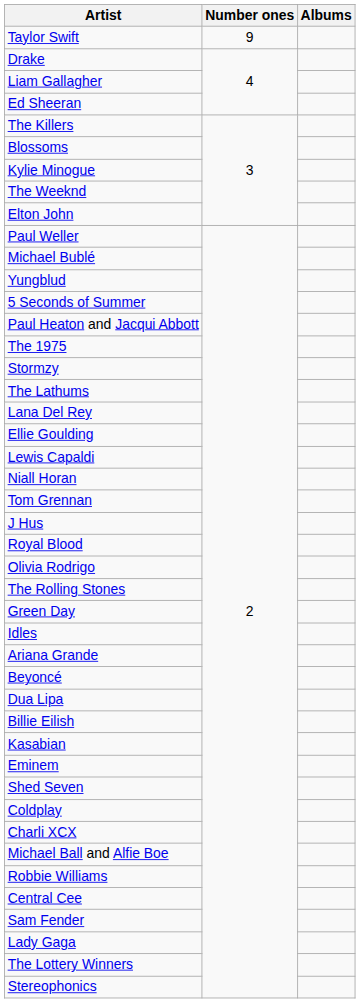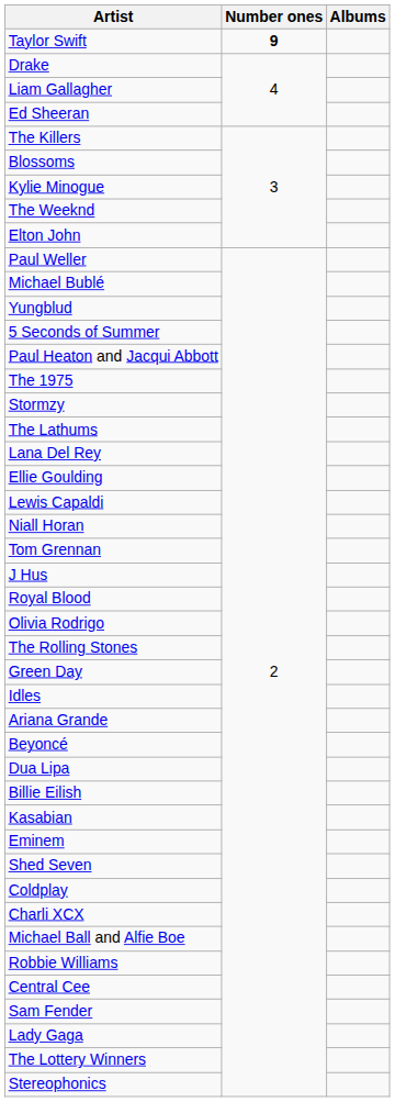 <table class="wikitable sortable" style="text-align:center;">
 <tr>
 <th scope=col>Artist</th>
 <th scope=col>Number ones</th>
 <th scope=col>Albums</th>
 </tr>
 <tr>
 <td align=left><a href='#'>Taylor Swift</a></td>
-<td>9</td>
+<td><strong>9</strong></td>
 <td></td>
 </tr>
 <tr>
 <td align=left><a href='#'>Drake</a></td>
 <td rowspan="3">4</td>
 <td></td>
 </tr>
 <tr>
 <td align=left><a href='#'>Liam Gallagher</a></td>
 <td></td>
 </tr>
 <tr>
 <td align=left><a href='#'>Ed Sheeran</a></td>
 <td></td>
 </tr>
 <tr>
 <td align=left><a href='#'>The Killers</a></td>
 <td rowspan="5">3</td>
 <td></td>
 </tr>
 <tr>
 <td align=left><a href='#'>Blossoms</a></td>
 <td></td>
 </tr>
 <tr>
 <td align=left><a href='#'>Kylie Minogue</a></td>
 <td></td>
 </tr>
 <tr>
 <td align=left><a href='#'>The Weeknd</a></td>
 <td></td>
 </tr>
 <tr>
 <td align=left><a href='#'>Elton John</a></td>
 <td></td>
 </tr>
 <tr>
 <td align=left><a href='#'>Paul Weller</a></td>
 <td rowspan="35">2</td>
 <td></td>
 </tr>
 <tr>
 <td align=left><a href='#'>Michael Bublé</a></td>
 <td></td>
 </tr>
 <tr>
 <td align=left><a href='#'>Yungblud</a></td>
 <td></td>
 </tr>
 <tr>
 <td align=left><a href='#'>5 Seconds of Summer</a></td>
 <td></td>
 </tr>
 <tr>
 <td align=left><a href='#'>Paul Heaton</a> and <a href='#'>Jacqui Abbott</a></td>
 <td></td>
 </tr>
 <tr>
 <td align=left><a href='#'>The 1975</a></td>
 <td></td>
 </tr>
 <tr>
 <td align=left><a href='#'>Stormzy</a></td>
 <td></td>
 </tr>
 <tr>
 <td align=left><a href='#'>The Lathums</a></td>
 <td></td>
 </tr>
 <tr>
 <td align=left><a href='#'>Lana Del Rey</a></td>
 <td></td>
 </tr>
 <tr>
 <td align=left><a href='#'>Ellie Goulding</a></td>
 <td></td>
 </tr>
 <tr>
 <td align=left><a href='#'>Lewis Capaldi</a></td>
 <td></td>
 </tr>
 <tr>
 <td align=left><a href='#'>Niall Horan</a></td>
 <td></td>
 </tr>
 <tr>
 <td align=left><a href='#'>Tom Grennan</a></td>
 <td></td>
 </tr>
 <tr>
 <td align=left><a href='#'>J Hus</a></td>
 <td></td>
 </tr>
 <tr>
 <td align=left><a href='#'>Royal Blood</a></td>
 <td></td>
 </tr>
 <tr>
 <td align=left><a href='#'>Olivia Rodrigo</a></td>
 <td></td>
 </tr>
 <tr>
 <td align=left><a href='#'>The Rolling Stones</a></td>
 <td></td>
 </tr>
 <tr>
 <td align=left><a href='#'>Green Day</a></td>
 <td></td>
 </tr>
 <tr>
 <td align=left><a href='#'>Idles</a></td>
 <td></td>
 </tr>
 <tr>
 <td align=left><a href='#'>Ariana Grande</a></td>
 <td></td>
 </tr>
 <tr>
 <td align=left><a href='#'>Beyoncé</a></td>
 <td></td>
 </tr>
 <tr>
 <td align=left><a href='#'>Dua Lipa</a></td>
 <td></td>
 </tr>
 <tr>
 <td align=left><a href='#'>Billie Eilish</a></td>
 <td></td>
 </tr>
 <tr>
 <td align=left><a href='#'>Kasabian</a></td>
 <td></td>
 </tr>
 <tr>
 <td align=left><a href='#'>Eminem</a></td>
 <td></td>
 </tr>
 <tr>
 <td align=left><a href='#'>Shed Seven</a></td>
 <td></td>
 </tr>
 <tr>
 <td align=left><a href='#'>Coldplay</a></td>
 <td></td>
 </tr>
 <tr>
 <td align=left><a href='#'>Charli XCX</a></td>
 <td></td>
 </tr>
 <tr>
 <td align=left><a href='#'>Michael Ball</a> and <a href='#'>Alfie Boe</a></td>
 <td></td>
 </tr>
 <tr>
 <td align=left><a href='#'>Robbie Williams</a></td>
 <td></td>
 </tr>
 <tr>
 <td align=left><a href='#'>Central Cee</a></td>
 <td></td>
 </tr>
 <tr>
 <td align=left><a href='#'>Sam Fender</a></td>
 <td></td>
 </tr>
 <tr>
 <td align=left><a href='#'>Lady Gaga</a></td>
 <td></td>
 </tr>
 <tr>
 <td align=left><a href='#'>The Lottery Winners</a></td>
 <td></td>
 </tr>
 <tr>
 <td align=left><a href='#'>Stereophonics</a></td>
 <td></td>
 </tr>
 </table>
